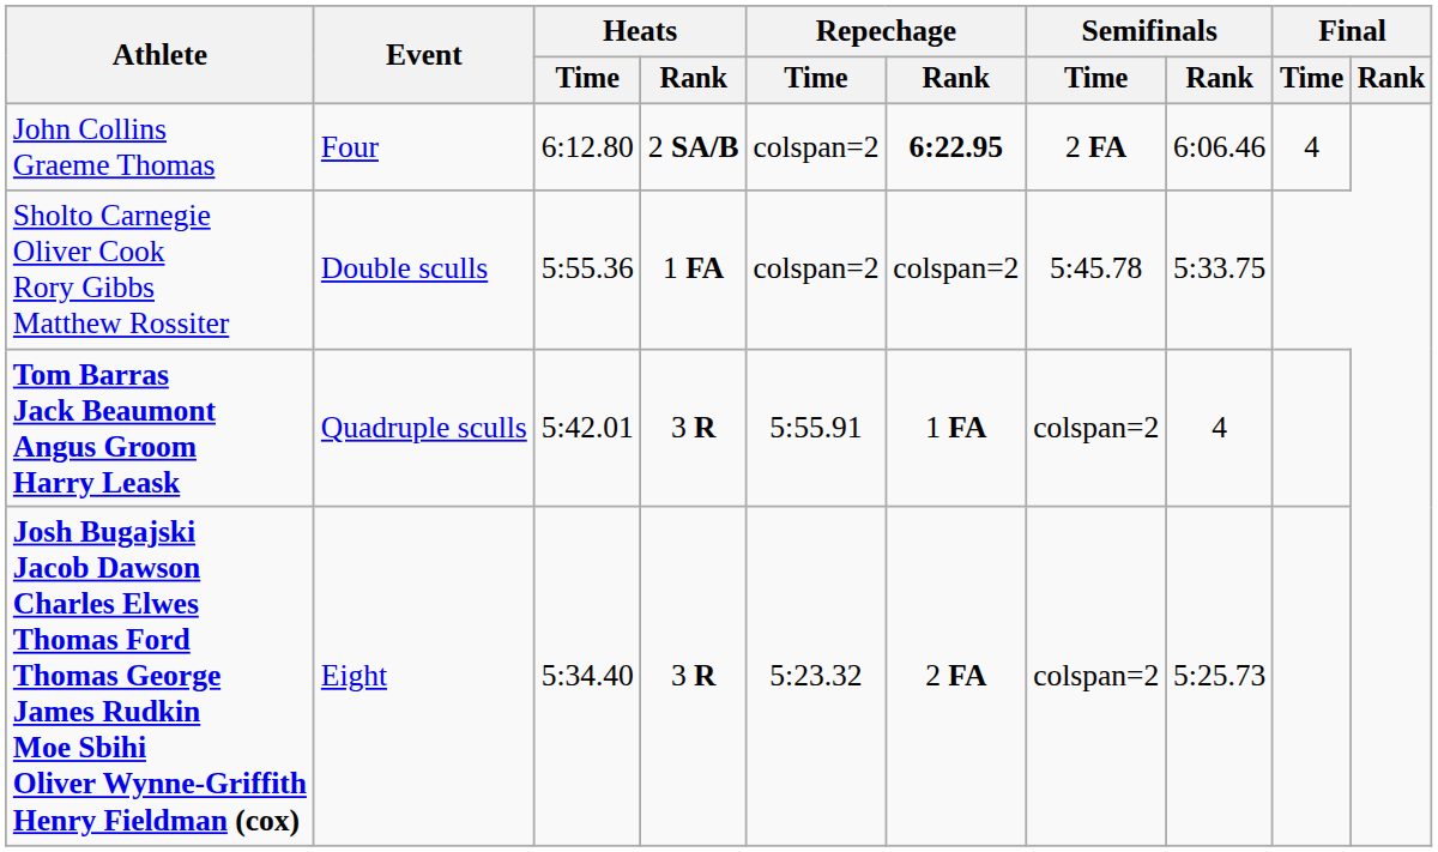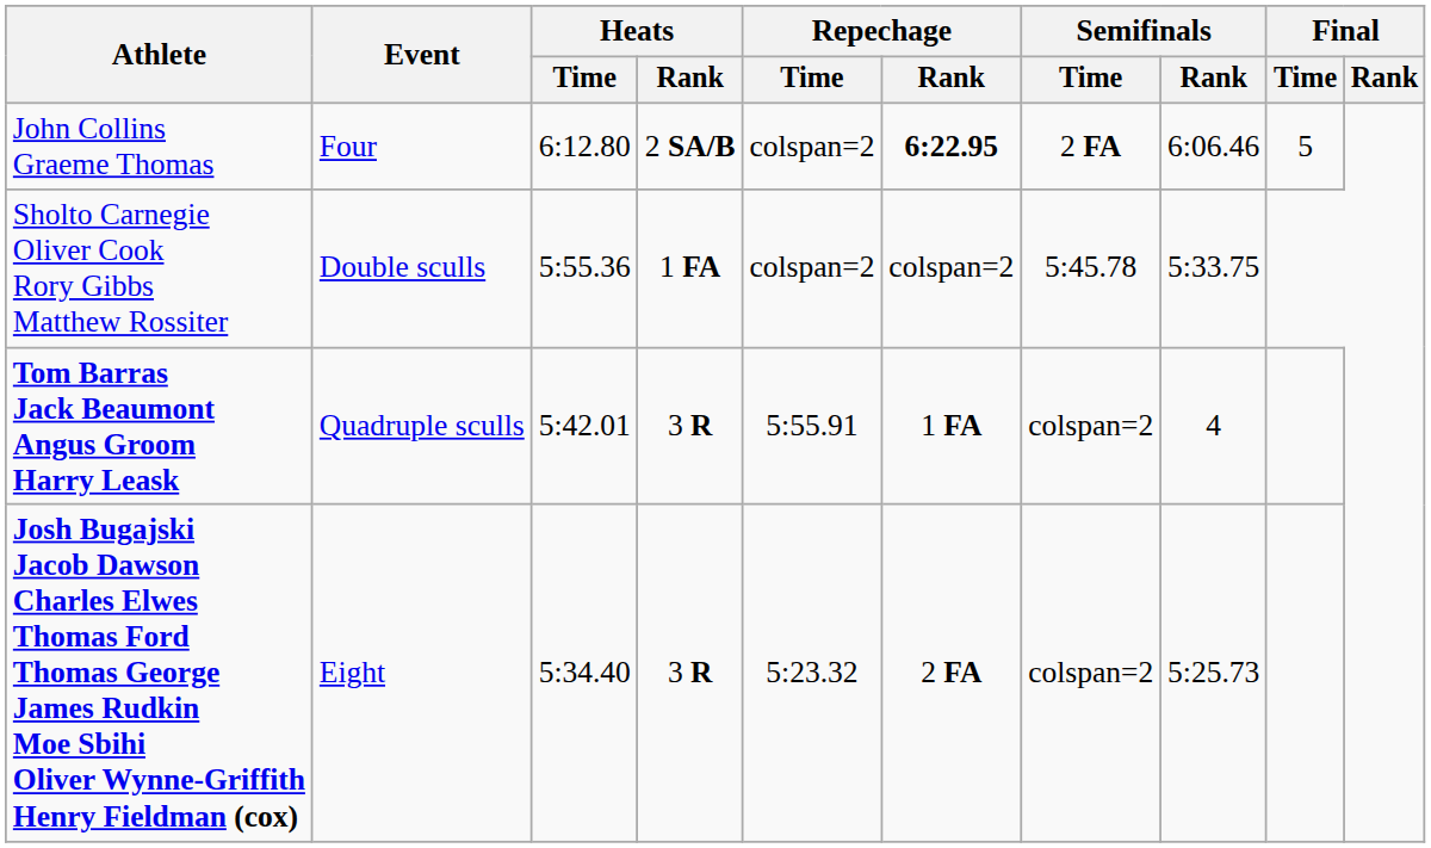 <table class=wikitable style=font-size:90%;text-align:center>
 <tr>
 <th rowspan=2>Athlete</th>
 <th rowspan=2>Event</th>
 <th colspan=2>Heats</th>
 <th colspan=2>Repechage</th>
 <th colspan=2>Semifinals</th>
 <th colspan=2>Final</th>
 </tr>
 <tr style=font-size:95%>
 <th>Time</th>
 <th>Rank</th>
 <th>Time</th>
 <th>Rank</th>
 <th>Time</th>
 <th>Rank</th>
 <th>Time</th>
 <th>Rank</th>
 </tr>
 <tr>
 <td align=left><a href='#'>John Collins</a><br><a href='#'>Graeme Thomas</a></td>
 <td align=left><a href='#'>Four</a></td>
 <td>6:12.80</td>
 <td>2 <strong>SA/B</strong></td>
 <td>colspan=2 </td>
 <td><strong>6:22.95</strong></td>
 <td>2 <strong>FA</strong></td>
 <td>6:06.46</td>
-<td>4</td>
+<td>5</td>
 </tr>
 <tr>
 <td align=left><a href='#'>Sholto Carnegie</a><br><a href='#'>Oliver Cook</a><br><a href='#'>Rory Gibbs</a><br><a href='#'>Matthew Rossiter</a></td>
 <td align=left><a href='#'>Double sculls</a></td>
 <td>5:55.36</td>
 <td>1 <strong>FA</strong></td>
 <td>colspan=2 </td>
 <td>colspan=2 </td>
 <td>5:45.78</td>
 <td>5:33.75</td>
 </tr>
 <tr>
 <td align=left><strong><a href='#'>Tom Barras</a><br><a href='#'>Jack Beaumont</a><br><a href='#'>Angus Groom</a><br><a href='#'>Harry Leask</a></strong></td>
 <td align=left><a href='#'>Quadruple sculls</a></td>
 <td>5:42.01</td>
 <td>3 <strong>R</strong></td>
 <td>5:55.91</td>
 <td>1 <strong>FA</strong></td>
 <td>colspan=2 </td>
 <td>4</td>
 <td></td>
 </tr>
 <tr>
 <td align=left><strong><a href='#'>Josh Bugajski</a><br><a href='#'>Jacob Dawson</a><br><a href='#'>Charles Elwes</a><br><a href='#'>Thomas Ford</a><br><a href='#'>Thomas George</a><br><a href='#'>James Rudkin</a><br><a href='#'>Moe Sbihi</a><br><a href='#'>Oliver Wynne-Griffith</a><br><a href='#'>Henry Fieldman</a> (cox)</strong></td>
 <td align=left><a href='#'>Eight</a></td>
 <td>5:34.40</td>
 <td>3 <strong>R</strong></td>
 <td>5:23.32</td>
 <td>2 <strong>FA</strong></td>
 <td>colspan=2 </td>
 <td>5:25.73</td>
 <td></td>
 </tr>
 </table>
